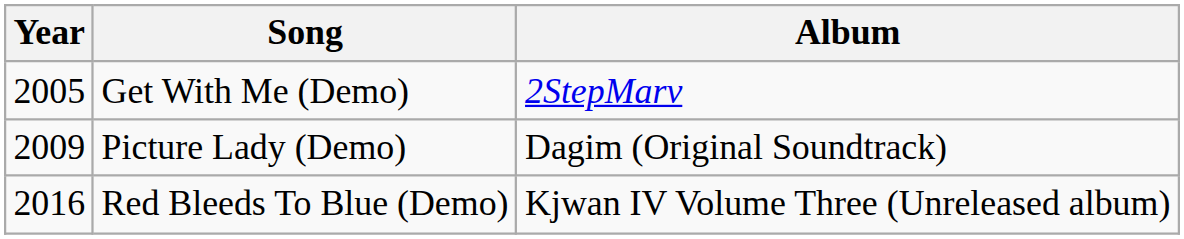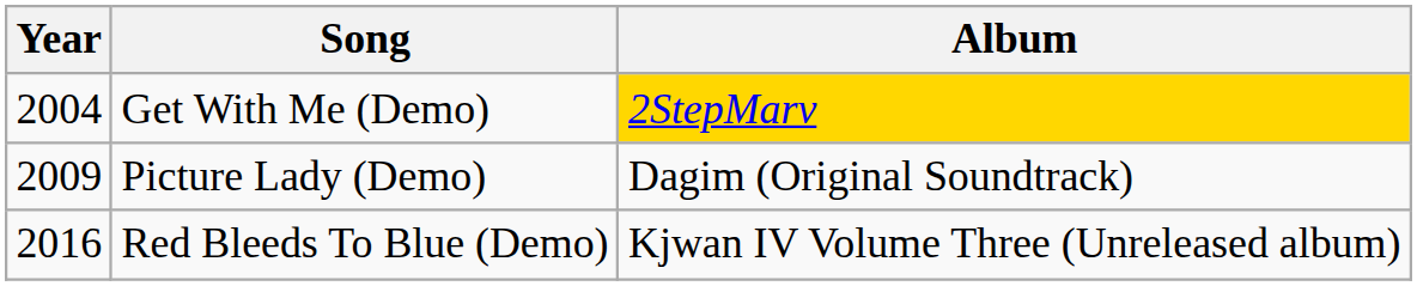 <table class="wikitable">
 <tr>
 <th>Year</th>
 <th>Song</th>
 <th>Album</th>
 </tr>
 <tr>
-<td>2005</td>
+<td>2004</td>
 <td>Get With Me (Demo)</td>
-<td><em><a href='#'>2StepMarv</a></em></td>
+<td style="background: gold;"><em><a href='#'>2StepMarv</a></em></td>
 </tr>
 <tr>
 <td>2009</td>
 <td>Picture Lady (Demo)</td>
 <td>Dagim (Original Soundtrack)</td>
 </tr>
 <tr>
 <td>2016</td>
 <td>Red Bleeds To Blue (Demo)</td>
 <td>Kjwan IV Volume Three (Unreleased album)</td>
 </tr>
 </table>
